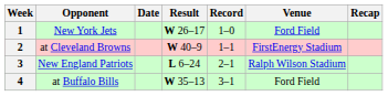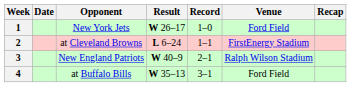 <table class="wikitable" style="text-align:center">
 <tr>
 <th>Week</th>
+<th>Date</th>
 <th>Opponent</th>
-<th>Date</th>
 <th>Result</th>
 <th>Record</th>
 <th>Venue</th>
 <th>Recap</th>
 </tr>
 <tr style="background:#cfc">
 <th>1</th>
+<td></td>
 <td><a href='#'>New York Jets</a></td>
-<td></td>
 <td><strong>W</strong> 26–17</td>
 <td>1–0</td>
 <td><a href='#'>Ford Field</a></td>
 <td></td>
 </tr>
 <tr style="background:#fcc">
 <th>2</th>
+<td></td>
 <td>at <a href='#'>Cleveland Browns</a></td>
-<td></td>
-<td><strong>W</strong> 40–9</td>
+<td><strong>L</strong> 6–24</td>
 <td>1–1</td>
 <td><a href='#'>FirstEnergy Stadium</a></td>
 <td></td>
 </tr>
 <tr style="background:#cfc">
 <th>3</th>
+<td></td>
 <td><a href='#'>New England Patriots</a></td>
-<td></td>
-<td><strong>L</strong> 6–24</td>
+<td><strong>W</strong> 40–9</td>
 <td>2–1</td>
 <td><a href='#'>Ralph Wilson Stadium</a></td>
 <td></td>
 </tr>
 <tr style="background:#cfc">
 <th>4</th>
+<td></td>
 <td>at <a href='#'>Buffalo Bills</a></td>
-<td></td>
 <td><strong>W</strong> 35–13</td>
 <td>3–1</td>
 <td>Ford Field</td>
 <td></td>
 </tr>
 </table>
